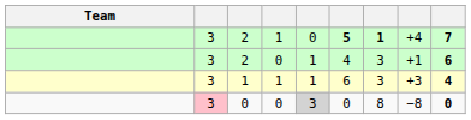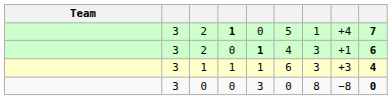 <table class="wikitable" style="text-align: center; font-size: 90%;">
 <tr>
 <th width="165">Team</th>
 <th width="25"></th>
 <th width="25"></th>
 <th width="25"></th>
 <th width="25"></th>
 <th width="25"></th>
 <th width="25"></th>
 <th width="25"></th>
 <th width="25"></th>
 </tr>
 <tr style="background:#ccffcc;">
 <td align=left></td>
 <td>3</td>
 <td>2</td>
+<td><strong>1</strong></td>
+<td>0</td>
+<td>5</td>
 <td>1</td>
-<td>0</td>
-<td><strong>5</strong></td>
-<td><strong>1</strong></td>
 <td>+4</td>
 <td><strong>7</strong></td>
 </tr>
 <tr style="background:#ccffcc;">
 <td align="left"></td>
 <td>3</td>
 <td>2</td>
 <td>0</td>
-<td>1</td>
+<td><strong>1</strong></td>
 <td>4</td>
 <td>3</td>
 <td>+1</td>
 <td><strong>6</strong></td>
 </tr>
 <tr style="background:#ffffcc;">
 <td align=left></td>
 <td>3</td>
 <td>1</td>
 <td>1</td>
 <td>1</td>
 <td>6</td>
 <td>3</td>
 <td>+3</td>
 <td><strong>4</strong></td>
 </tr>
 <tr>
 <td align=left></td>
-<td style="background: pink;">3</td>
+<td>3</td>
 <td>0</td>
 <td>0</td>
-<td style="background: lightgrey;">3</td>
+<td>3</td>
 <td>0</td>
 <td>8</td>
 <td>−8</td>
 <td><strong>0</strong></td>
 </tr>
 </table>
